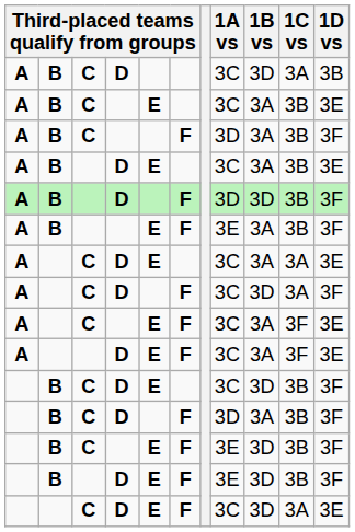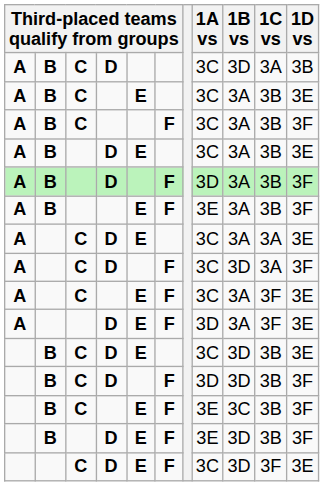 <table class="wikitable" style="text-align:center; font-size:85%">
 <tr>
 <th colspan="6">Third-placed teams<br>qualify from groups</th>
 <th rowspan="16"></th>
 <th>1A<br>vs</th>
 <th>1B<br>vs</th>
 <th>1C<br>vs</th>
 <th>1D<br>vs</th>
 </tr>
 <tr>
 <td><strong>A</strong></td>
 <td><strong>B</strong></td>
 <td><strong>C</strong></td>
 <td><strong>D</strong></td>
 <td></td>
 <td></td>
 <td>3C</td>
 <td>3D</td>
 <td>3A</td>
 <td>3B</td>
 </tr>
 <tr>
 <td><strong>A</strong></td>
 <td><strong>B</strong></td>
 <td><strong>C</strong></td>
 <td></td>
 <td><strong>E</strong></td>
 <td></td>
 <td>3C</td>
 <td>3A</td>
 <td>3B</td>
 <td>3E</td>
 </tr>
 <tr>
 <td><strong>A</strong></td>
 <td><strong>B</strong></td>
 <td><strong>C</strong></td>
 <td></td>
 <td></td>
 <td><strong>F</strong></td>
-<td>3D</td>
+<td>3C</td>
 <td>3A</td>
 <td>3B</td>
 <td>3F</td>
 </tr>
 <tr>
 <td><strong>A</strong></td>
 <td><strong>B</strong></td>
 <td></td>
 <td><strong>D</strong></td>
 <td><strong>E</strong></td>
 <td></td>
 <td>3C</td>
 <td>3A</td>
 <td>3B</td>
 <td>3E</td>
 </tr>
 <tr style="background:#BBF3BB">
 <td><strong>A</strong></td>
 <td><strong>B</strong></td>
 <td></td>
 <td><strong>D</strong></td>
 <td></td>
 <td><strong>F</strong></td>
 <td>3D</td>
-<td>3D</td>
+<td>3A</td>
 <td>3B</td>
 <td>3F</td>
 </tr>
 <tr>
 <td><strong>A</strong></td>
 <td><strong>B</strong></td>
 <td></td>
 <td></td>
 <td><strong>E</strong></td>
 <td><strong>F</strong></td>
 <td>3E</td>
 <td>3A</td>
 <td>3B</td>
 <td>3F</td>
 </tr>
 <tr>
 <td><strong>A</strong></td>
 <td></td>
 <td><strong>C</strong></td>
 <td><strong>D</strong></td>
 <td><strong>E</strong></td>
 <td></td>
 <td>3C</td>
 <td>3A</td>
 <td>3A</td>
 <td>3E</td>
 </tr>
 <tr>
 <td><strong>A</strong></td>
 <td></td>
 <td><strong>C</strong></td>
 <td><strong>D</strong></td>
 <td></td>
 <td><strong>F</strong></td>
 <td>3C</td>
 <td>3D</td>
 <td>3A</td>
 <td>3F</td>
 </tr>
 <tr>
 <td><strong>A</strong></td>
 <td></td>
 <td><strong>C</strong></td>
 <td></td>
 <td><strong>E</strong></td>
 <td><strong>F</strong></td>
 <td>3C</td>
 <td>3A</td>
 <td>3F</td>
 <td>3E</td>
 </tr>
 <tr>
 <td><strong>A</strong></td>
 <td></td>
 <td></td>
 <td><strong>D</strong></td>
 <td><strong>E</strong></td>
 <td><strong>F</strong></td>
-<td>3C</td>
+<td>3D</td>
 <td>3A</td>
 <td>3F</td>
 <td>3E</td>
 </tr>
 <tr>
 <td></td>
 <td><strong>B</strong></td>
 <td><strong>C</strong></td>
 <td><strong>D</strong></td>
 <td><strong>E</strong></td>
 <td></td>
 <td>3C</td>
 <td>3D</td>
 <td>3B</td>
-<td>3F</td>
+<td>3E</td>
 </tr>
 <tr>
 <td></td>
 <td><strong>B</strong></td>
 <td><strong>C</strong></td>
 <td><strong>D</strong></td>
 <td></td>
 <td><strong>F</strong></td>
 <td>3D</td>
-<td>3A</td>
+<td>3D</td>
 <td>3B</td>
 <td>3F</td>
 </tr>
 <tr>
 <td></td>
 <td><strong>B</strong></td>
 <td><strong>C</strong></td>
 <td></td>
 <td><strong>E</strong></td>
 <td><strong>F</strong></td>
 <td>3E</td>
-<td>3D</td>
+<td>3C</td>
 <td>3B</td>
 <td>3F</td>
 </tr>
 <tr>
 <td></td>
 <td><strong>B</strong></td>
 <td></td>
 <td><strong>D</strong></td>
 <td><strong>E</strong></td>
 <td><strong>F</strong></td>
 <td>3E</td>
 <td>3D</td>
 <td>3B</td>
 <td>3F</td>
 </tr>
 <tr>
 <td></td>
 <td></td>
 <td><strong>C</strong></td>
 <td><strong>D</strong></td>
 <td><strong>E</strong></td>
 <td><strong>F</strong></td>
 <td>3C</td>
 <td>3D</td>
-<td>3A</td>
+<td>3F</td>
 <td>3E</td>
 </tr>
 </table>
